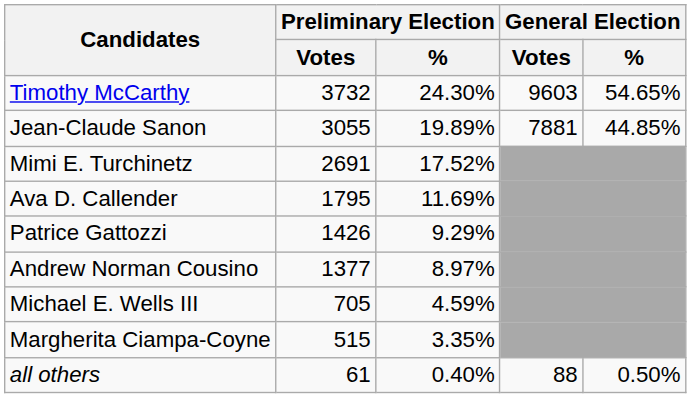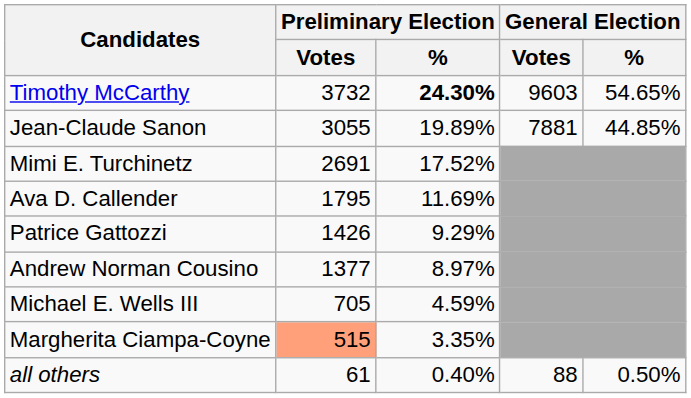 <table class=wikitable>
 <tr>
 <th colspan=1 rowspan=2><strong>Candidates</strong></th>
 <th colspan=2><strong>Preliminary Election</strong></th>
 <th colspan=2><strong>General Election</strong></th>
 </tr>
 <tr>
 <th>Votes</th>
 <th>%</th>
 <th>Votes</th>
 <th>%</th>
 </tr>
 <tr>
 <td><a href='#'>Timothy McCarthy</a></td>
 <td align="right">3732</td>
-<td align="right">24.30%</td>
+<td align="right"><strong>24.30%</strong></td>
 <td align="right">9603</td>
 <td align="right">54.65%</td>
 </tr>
 <tr>
 <td>Jean-Claude Sanon</td>
 <td align="right">3055</td>
 <td align="right">19.89%</td>
 <td align="right">7881</td>
 <td align="right">44.85%</td>
 </tr>
 <tr>
 <td>Mimi E. Turchinetz</td>
 <td align="right">2691</td>
 <td align="right">17.52%</td>
 <td colspan=2 bgcolor=darkgray> </td>
 </tr>
 <tr>
 <td>Ava D. Callender</td>
 <td align="right">1795</td>
 <td align="right">11.69%</td>
 <td colspan=2 bgcolor=darkgray> </td>
 </tr>
 <tr>
 <td>Patrice Gattozzi</td>
 <td align="right">1426</td>
 <td align="right">9.29%</td>
 <td colspan=2 bgcolor=darkgray> </td>
 </tr>
 <tr>
 <td>Andrew Norman Cousino</td>
 <td align="right">1377</td>
 <td align="right">8.97%</td>
 <td colspan=2 bgcolor=darkgray> </td>
 </tr>
 <tr>
 <td>Michael E. Wells III</td>
 <td align="right">705</td>
 <td align="right">4.59%</td>
 <td colspan=2 bgcolor=darkgray> </td>
 </tr>
 <tr>
 <td>Margherita Ciampa-Coyne</td>
-<td align="right">515</td>
+<td align="right" style="background: lightsalmon;">515</td>
 <td align="right">3.35%</td>
 <td colspan=2 bgcolor=darkgray> </td>
 </tr>
 <tr>
 <td><em>all others</em></td>
 <td align="right">61</td>
 <td align="right">0.40%</td>
 <td align="right">88</td>
 <td align="right">0.50%</td>
 </tr>
 </table>
